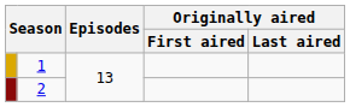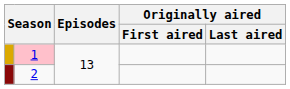 <table class="wikitable" style="text-align: center;">
 <tr>
 <th rowspan="2" colspan="2">Season</th>
 <th rowspan="2">Episodes</th>
 <th colspan="2">Originally aired</th>
 </tr>
 <tr>
 <th>First aired</th>
 <th>Last aired</th>
 </tr>
 <tr>
 <td style="background:#DBA901; width:4px;"></td>
-<td><a href='#'>1</a></td>
+<td style="background: pink;"><a href='#'>1</a></td>
 <td rowspan="2">13</td>
 <td></td>
 <td></td>
 </tr>
 <tr>
 <td style="background:#8A0808; width:4px;"></td>
 <td><a href='#'>2</a></td>
 <td></td>
 <td></td>
 </tr>
 </table>
